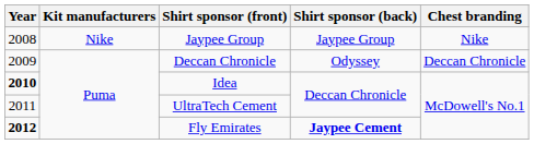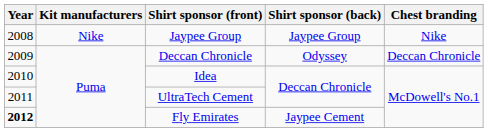 <table class="wikitable" style="text-align: center;">
 <tr>
 <th>Year</th>
 <th>Kit manufacturers</th>
 <th>Shirt sponsor (front)</th>
 <th>Shirt sponsor (back)</th>
 <th>Chest branding</th>
 </tr>
 <tr>
 <td>2008</td>
 <td><a href='#'>Nike</a></td>
 <td><a href='#'>Jaypee Group</a></td>
 <td><a href='#'>Jaypee Group</a></td>
 <td><a href='#'>Nike</a></td>
 </tr>
 <tr>
 <td>2009</td>
 <td rowspan="4"><a href='#'>Puma</a></td>
 <td><a href='#'>Deccan Chronicle</a></td>
 <td><a href='#'>Odyssey</a></td>
 <td><a href='#'>Deccan Chronicle</a></td>
 </tr>
 <tr>
-<td><strong>2010</strong></td>
+<td>2010</td>
 <td><a href='#'>Idea</a></td>
 <td rowspan="2"><a href='#'>Deccan Chronicle</a></td>
 <td rowspan="3"><a href='#'>McDowell's No.1</a></td>
 </tr>
 <tr>
 <td>2011</td>
 <td><a href='#'>UltraTech Cement</a></td>
 </tr>
 <tr>
 <td><strong>2012</strong></td>
 <td><a href='#'>Fly Emirates</a></td>
-<td><strong><a href='#'>Jaypee Cement</a></strong></td>
+<td><a href='#'>Jaypee Cement</a></td>
 </tr>
 </table>
